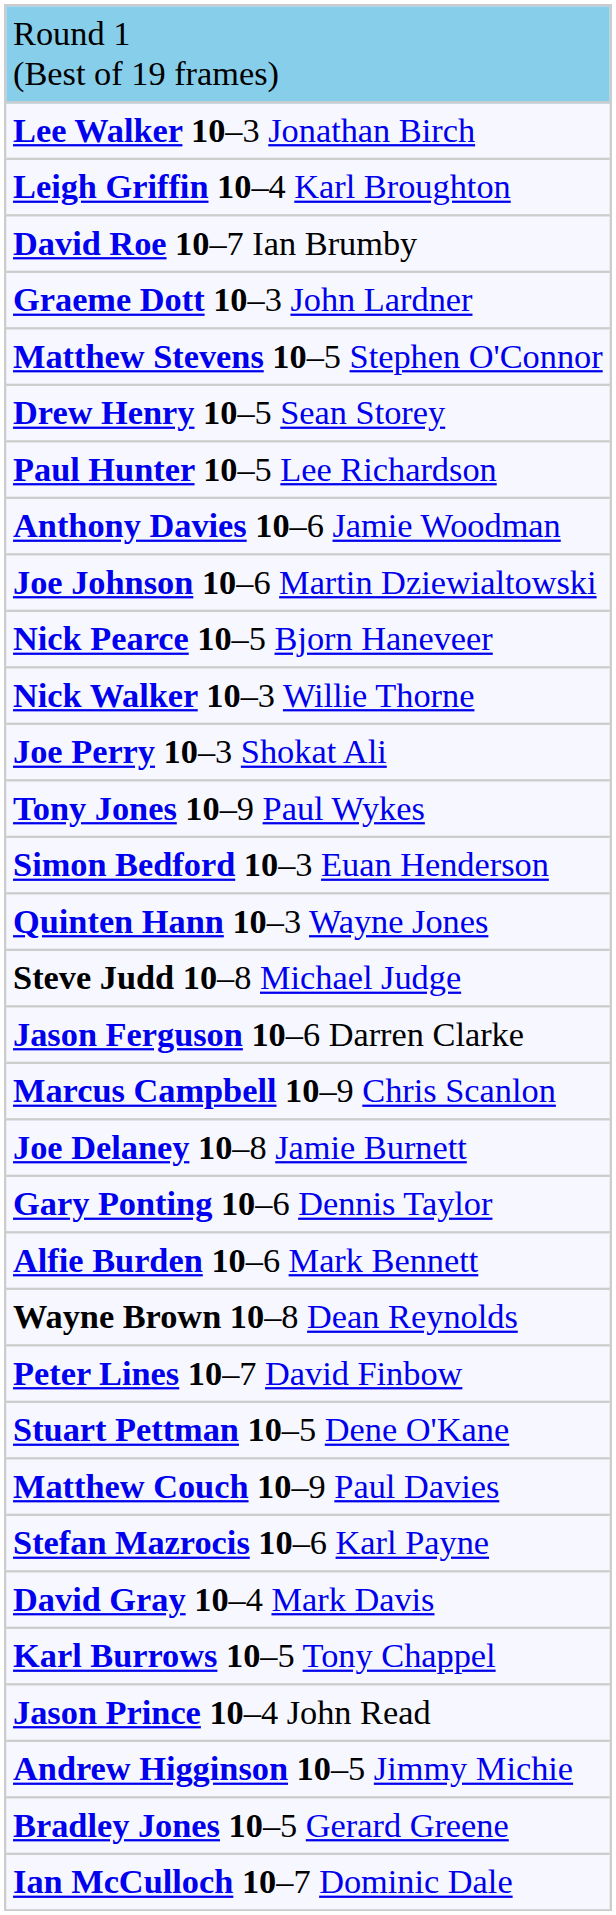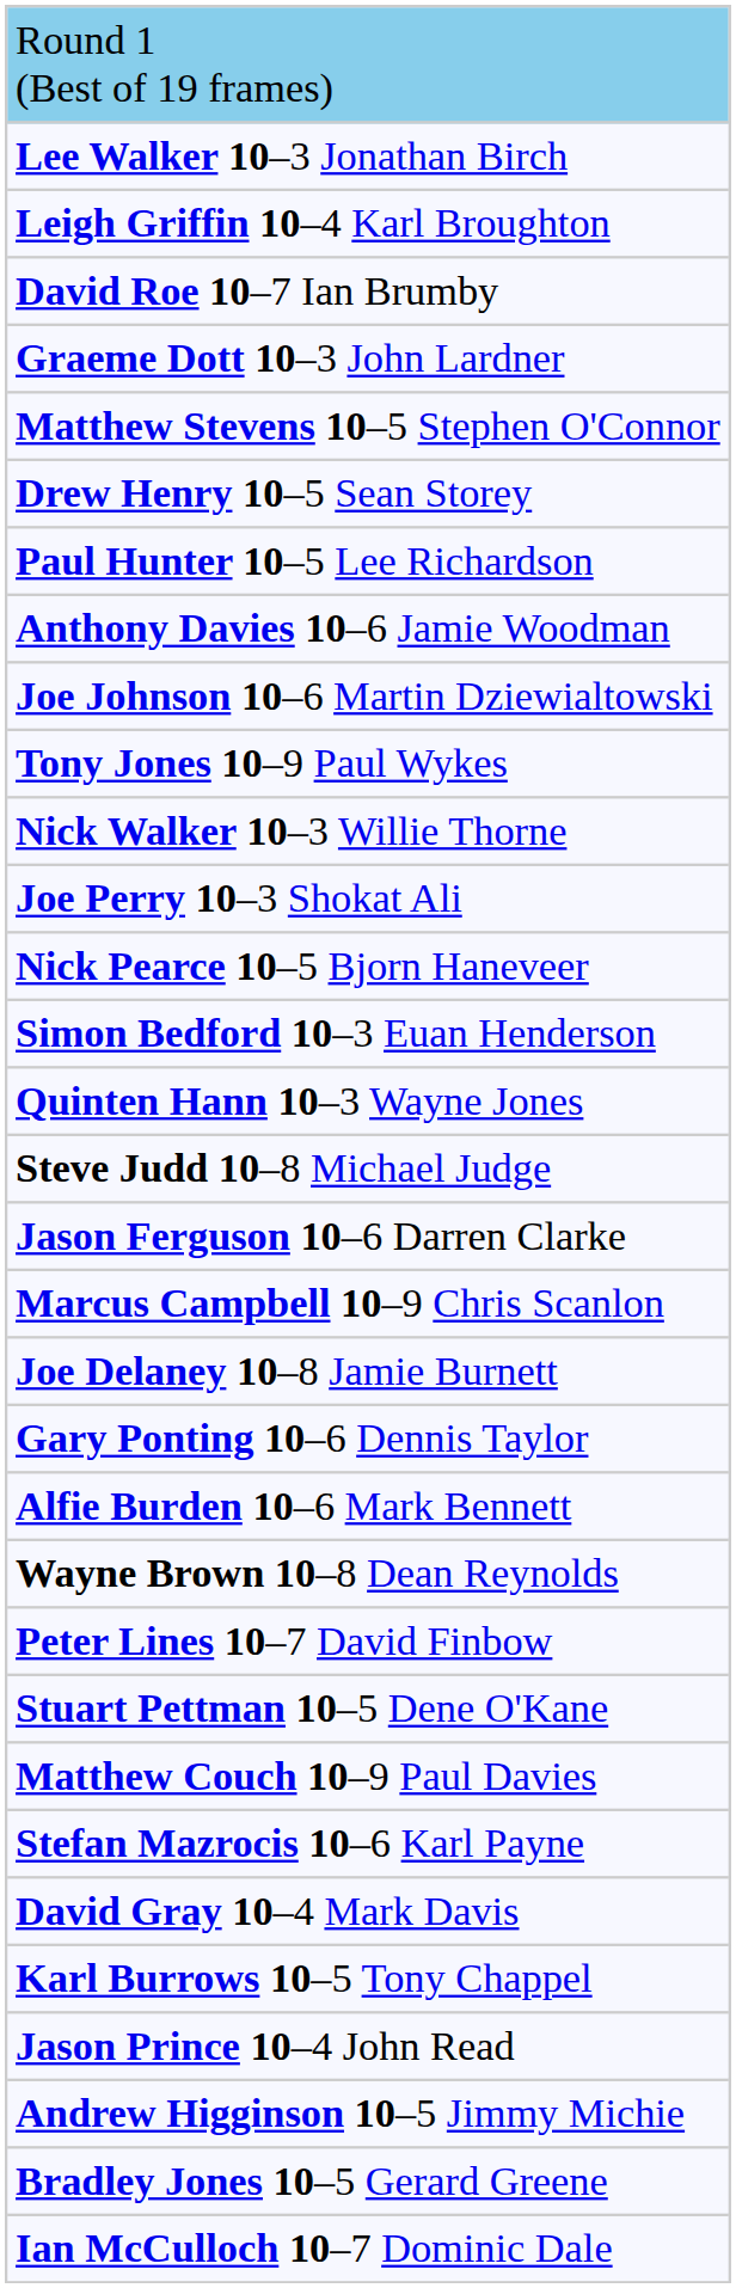 <table cellpadding="3" cellspacing="0" border="1" style="background:#f7f8ff; font-size:95%; border:#ccc solid 1px; border-collapse:collapse;">
 <tr>
 <td style="background:skyblue">Round 1<br>(Best of 19 frames)</td>
 </tr>
 <tr>
 <td><strong> <a href='#'>Lee Walker</a>  10</strong>–3  <a href='#'>Jonathan Birch</a></td>
 </tr>
 <tr>
 <td><strong> <a href='#'>Leigh Griffin</a>  10</strong>–4  <a href='#'>Karl Broughton</a></td>
 </tr>
 <tr>
 <td><strong> <a href='#'>David Roe</a> 10</strong>–7  Ian Brumby</td>
 </tr>
 <tr>
 <td><strong> <a href='#'>Graeme Dott</a> 10</strong>–3  <a href='#'>John Lardner</a></td>
 </tr>
 <tr>
 <td><strong> <a href='#'>Matthew Stevens</a> 10</strong>–5  <a href='#'>Stephen O'Connor</a></td>
 </tr>
 <tr>
 <td><strong> <a href='#'>Drew Henry</a> 10</strong>–5  <a href='#'>Sean Storey</a></td>
 </tr>
 <tr>
 <td><strong> <a href='#'>Paul Hunter</a> 10</strong>–5  <a href='#'>Lee Richardson</a></td>
 </tr>
 <tr>
 <td><strong> <a href='#'>Anthony Davies</a> 10</strong>–6  <a href='#'>Jamie Woodman</a></td>
 </tr>
 <tr>
 <td><strong> <a href='#'>Joe Johnson</a> 10</strong>–6  <a href='#'>Martin Dziewialtowski</a></td>
 </tr>
 <tr>
-<td><strong> <a href='#'>Nick Pearce</a> 10</strong>–5  <a href='#'>Bjorn Haneveer</a></td>
+<td><strong> <a href='#'>Tony Jones</a>  10</strong>–9  <a href='#'>Paul Wykes</a></td>
 </tr>
 <tr>
 <td><strong> <a href='#'>Nick Walker</a> 10</strong>–3  <a href='#'>Willie Thorne</a></td>
 </tr>
 <tr>
 <td><strong> <a href='#'>Joe Perry</a> 10</strong>–3  <a href='#'>Shokat Ali</a></td>
 </tr>
 <tr>
-<td><strong> <a href='#'>Tony Jones</a>  10</strong>–9  <a href='#'>Paul Wykes</a></td>
+<td><strong> <a href='#'>Nick Pearce</a> 10</strong>–5  <a href='#'>Bjorn Haneveer</a></td>
 </tr>
 <tr>
 <td><strong> <a href='#'>Simon Bedford</a> 10</strong>–3 <strong></strong> <a href='#'>Euan Henderson</a></td>
 </tr>
 <tr>
 <td><strong> <a href='#'>Quinten Hann</a> 10</strong>–3  <a href='#'>Wayne Jones</a></td>
 </tr>
 <tr>
 <td><strong> Steve Judd 10</strong>–8  <a href='#'>Michael Judge</a></td>
 </tr>
 <tr>
 <td><strong> <a href='#'>Jason Ferguson</a> 10</strong>–6  Darren Clarke</td>
 </tr>
 <tr>
 <td><strong> <a href='#'>Marcus Campbell</a> 10</strong>–9  <a href='#'>Chris Scanlon</a></td>
 </tr>
 <tr>
 <td><strong> <a href='#'>Joe Delaney</a> 10</strong>–8  <a href='#'>Jamie Burnett</a></td>
 </tr>
 <tr>
 <td><strong> <a href='#'>Gary Ponting</a> 10</strong>–6  <a href='#'>Dennis Taylor</a></td>
 </tr>
 <tr>
 <td><strong> <a href='#'>Alfie Burden</a> 10</strong>–6  <a href='#'>Mark Bennett</a></td>
 </tr>
 <tr>
 <td><strong> Wayne Brown 10</strong>–8  <a href='#'>Dean Reynolds</a></td>
 </tr>
 <tr>
 <td><strong> <a href='#'>Peter Lines</a> 10</strong>–7  <a href='#'>David Finbow</a></td>
 </tr>
 <tr>
 <td><strong> <a href='#'>Stuart Pettman</a> 10</strong>–5  <a href='#'>Dene O'Kane</a></td>
 </tr>
 <tr>
 <td><strong> <a href='#'>Matthew Couch</a> 10</strong>–9  <a href='#'>Paul Davies</a></td>
 </tr>
 <tr>
 <td><strong> <a href='#'>Stefan Mazrocis</a> 10</strong>–6 <strong></strong> <a href='#'>Karl Payne</a></td>
 </tr>
 <tr>
 <td><strong> <a href='#'>David Gray</a> 10</strong>–4  <a href='#'>Mark Davis</a></td>
 </tr>
 <tr>
 <td><strong> <a href='#'>Karl Burrows</a> 10</strong>–5  <a href='#'>Tony Chappel</a></td>
 </tr>
 <tr>
 <td><strong> <a href='#'>Jason Prince</a> 10</strong>–4  John Read</td>
 </tr>
 <tr>
 <td><strong> <a href='#'>Andrew Higginson</a>  10</strong>–5  <a href='#'>Jimmy Michie</a></td>
 </tr>
 <tr>
 <td><strong> <a href='#'>Bradley Jones</a> 10</strong>–5  <a href='#'>Gerard Greene</a></td>
 </tr>
 <tr>
 <td><strong> <a href='#'>Ian McCulloch</a> 10</strong>–7  <a href='#'>Dominic Dale</a></td>
 </tr>
 </table>
